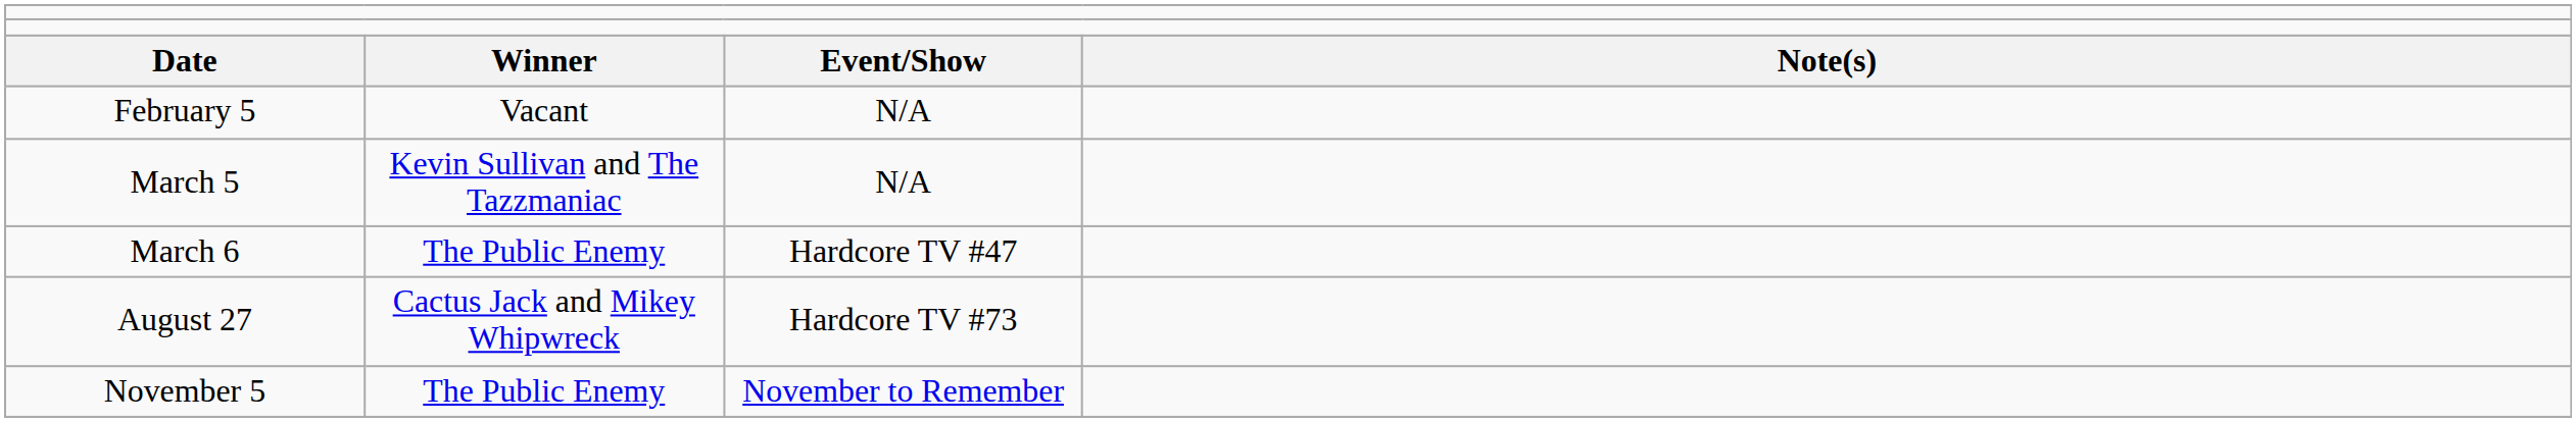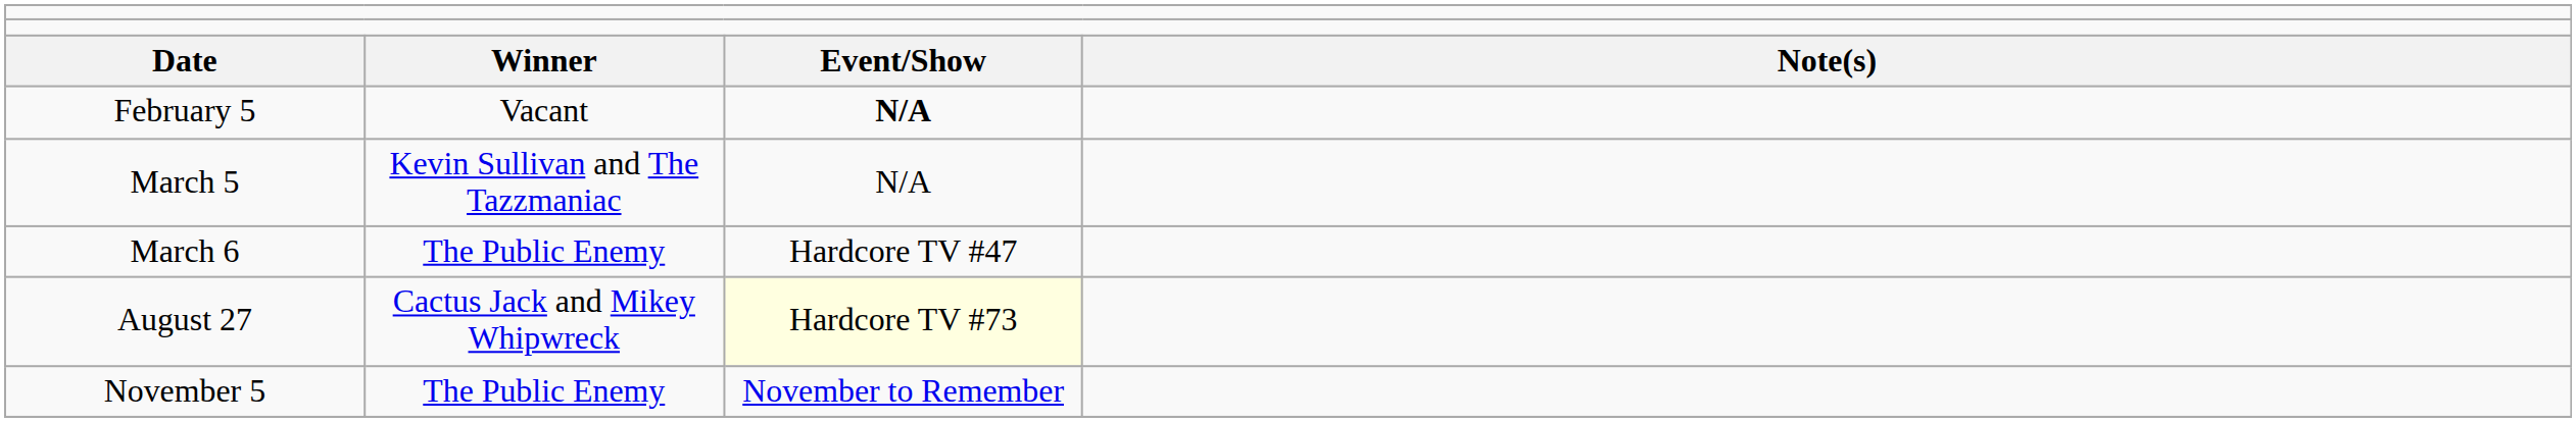 <table class="wikitable" style="text-align:center; width:100%;">
 <tr>
 <td colspan="5"></td>
 </tr>
 <tr>
 <td colspan="5"><strong></strong></td>
 </tr>
 <tr>
 <th width=14%>Date</th>
 <th width=14%>Winner</th>
 <th width=14%>Event/Show</th>
 <th width=58%>Note(s)</th>
 </tr>
 <tr>
 <td>February 5</td>
 <td>Vacant</td>
-<td>N/A</td>
+<td><strong>N/A</strong></td>
 <td align=left></td>
 </tr>
 <tr>
 <td>March 5</td>
 <td><a href='#'>Kevin Sullivan</a> and <a href='#'>The Tazzmaniac</a></td>
 <td>N/A</td>
 <td align=left></td>
 </tr>
 <tr>
 <td>March 6</td>
 <td><a href='#'>The Public Enemy</a><br></td>
 <td>Hardcore TV #47</td>
 <td align=left></td>
 </tr>
 <tr>
 <td>August 27</td>
 <td><a href='#'>Cactus Jack</a> and <a href='#'>Mikey Whipwreck</a></td>
-<td>Hardcore TV #73</td>
+<td style="background: lightyellow;">Hardcore TV #73</td>
 <td align=left></td>
 </tr>
 <tr>
 <td>November 5</td>
 <td><a href='#'>The Public Enemy</a><br></td>
 <td><a href='#'>November to Remember</a></td>
 <td align=left></td>
 </tr>
 <tr>
 </tr>
 </table>
